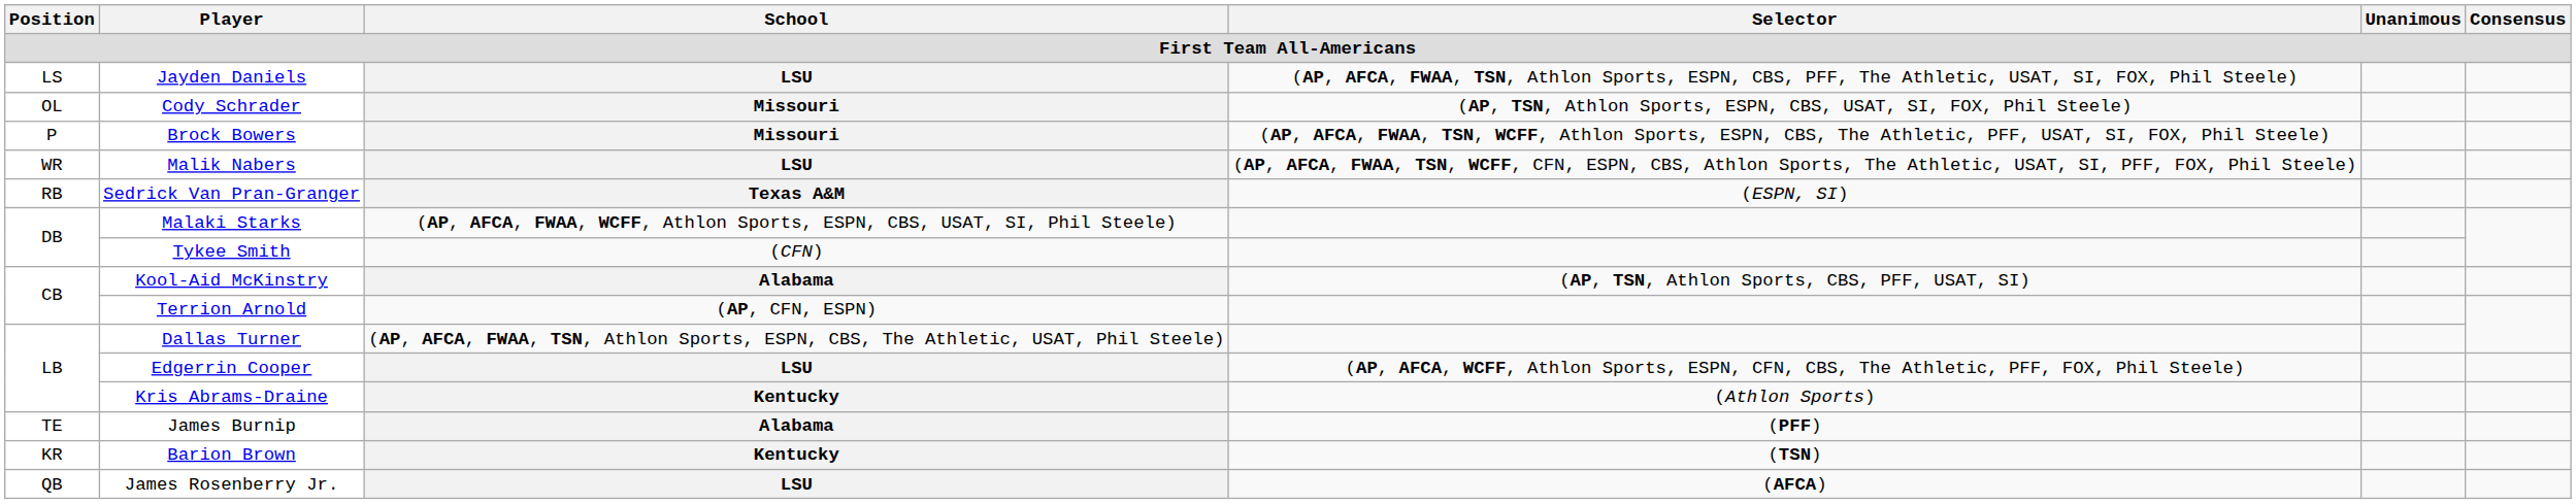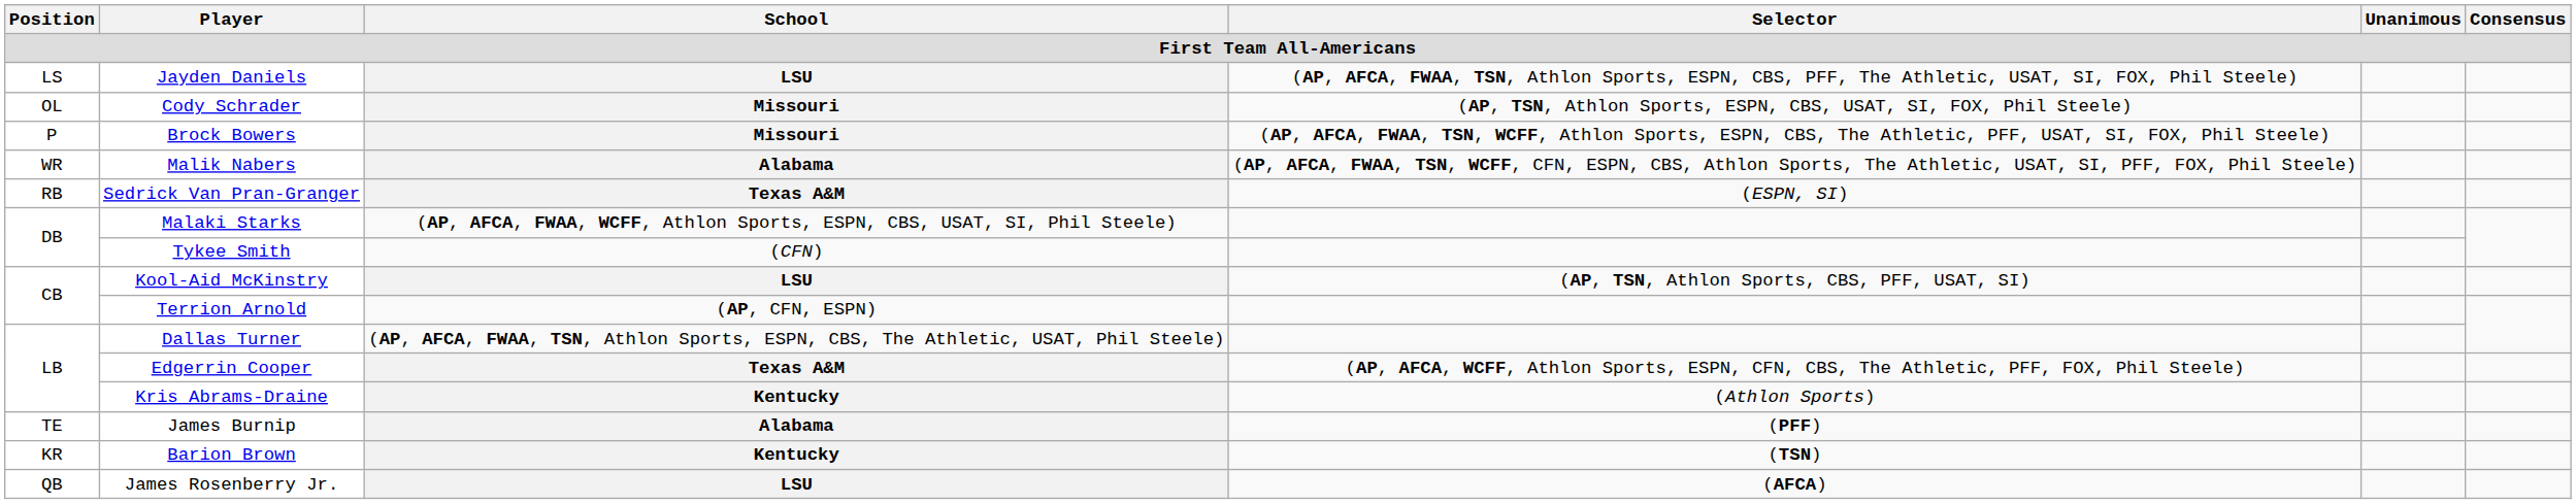 <table class="wikitable" border="0">
 <tr>
 <th>Position</th>
 <th>Player</th>
 <th>School</th>
 <th>Selector</th>
 <th>Unanimous</th>
 <th>Consensus</th>
 </tr>
 <tr>
 <td colspan="6" style="text-align:center; background:#ddd;"><strong>First Team All-Americans</strong></td>
 </tr>
 <tr style="text-align:center;">
 <td style="background:white">LS</td>
 <td style="background:white"><a href='#'>Jayden Daniels</a></td>
 <th>LSU</th>
 <td>(<strong>AP</strong>, <strong>AFCA</strong>, <strong>FWAA</strong>, <strong>TSN</strong>, Athlon Sports, ESPN, CBS, PFF, The Athletic, USAT, SI, FOX, Phil Steele)</td>
 <td></td>
 <td></td>
 </tr>
 <tr style="text-align:center;">
 <td style="background:white">OL</td>
 <td style="background:white"><a href='#'>Cody Schrader</a></td>
 <th>Missouri</th>
 <td>(<strong>AP</strong>, <strong>TSN</strong>, Athlon Sports, ESPN, CBS, USAT, SI, FOX, Phil Steele)</td>
 <td></td>
 <td></td>
 </tr>
 <tr style="text-align:center;">
 <td style="background:white">P</td>
 <td style="background:white"><a href='#'>Brock Bowers</a></td>
 <th>Missouri</th>
 <td>(<strong>AP</strong>, <strong>AFCA</strong>, <strong>FWAA</strong>, <strong>TSN</strong>, <strong>WCFF</strong>, Athlon Sports, ESPN, CBS, The Athletic, PFF, USAT, SI, FOX, Phil Steele)</td>
 <td></td>
 <td></td>
 </tr>
 <tr style="text-align:center;">
 <td style="background:white">WR</td>
 <td style="background:white"><a href='#'>Malik Nabers</a></td>
-<th>LSU</th>
+<th>Alabama</th>
 <td>(<strong>AP</strong>, <strong>AFCA</strong>, <strong>FWAA</strong>, <strong>TSN</strong>, <strong>WCFF</strong>, CFN, ESPN, CBS, Athlon Sports, The Athletic, USAT, SI, PFF, FOX, Phil Steele)</td>
 <td></td>
 <td></td>
 </tr>
 <tr style="text-align:center;">
 <td style="background:white">RB</td>
 <td style="background:white"><a href='#'>Sedrick Van Pran-Granger</a></td>
 <th>Texas A&M</th>
 <td>(<em>ESPN, SI</em>)</td>
 <td></td>
 <td></td>
 </tr>
 <tr style="text-align:center;">
 <td style="background:white" rowspan=2>DB</td>
 <td style="background:white"><a href='#'>Malaki Starks</a></td>
 <td>(<strong>AP</strong>, <strong>AFCA</strong>, <strong>FWAA</strong>, <strong>WCFF</strong>, Athlon Sports, ESPN, CBS, USAT, SI, Phil Steele)</td>
 <td></td>
 <td></td>
 </tr>
 <tr style="text-align:center;">
 <td style="background:white"><a href='#'>Tykee Smith</a></td>
 <td>(<em>CFN</em>)</td>
 <td></td>
 <td></td>
 </tr>
 <tr style="text-align:center;">
 <td style="background:white" rowspan=2>CB</td>
 <td style="background:white"><a href='#'>Kool-Aid McKinstry</a></td>
-<th>Alabama</th>
+<th>LSU</th>
 <td>(<strong>AP</strong>, <strong>TSN</strong>, Athlon Sports, CBS, PFF, USAT, SI)</td>
 <td></td>
 <td></td>
 </tr>
 <tr style="text-align:center;">
 <td style="background:white"><a href='#'>Terrion Arnold</a></td>
 <td>(<strong>AP</strong>, CFN, ESPN)</td>
 <td></td>
 <td></td>
 </tr>
 <tr style="text-align:center;">
 <td style="background:white" rowspan=3>LB</td>
 <td style="background:white"><a href='#'>Dallas Turner</a></td>
 <td>(<strong>AP</strong>, <strong>AFCA</strong>, <strong>FWAA</strong>, <strong>TSN</strong>, Athlon Sports, ESPN, CBS, The Athletic, USAT, Phil Steele)</td>
 <td></td>
 <td></td>
 </tr>
 <tr style="text-align:center;">
 <td style="background:white"><a href='#'>Edgerrin Cooper</a></td>
-<th>LSU</th>
+<th>Texas A&M</th>
 <td>(<strong>AP</strong>, <strong>AFCA</strong>, <strong>WCFF</strong>, Athlon Sports, ESPN, CFN, CBS, The Athletic, PFF, FOX, Phil Steele)</td>
 <td></td>
 <td></td>
 </tr>
 <tr style="text-align:center;">
 <td style="background:white"><a href='#'>Kris Abrams-Draine</a></td>
 <th>Kentucky</th>
 <td>(<em>Athlon Sports</em>)</td>
 <td></td>
 <td></td>
 </tr>
 <tr style="text-align:center;">
 <td style="background:white">TE</td>
 <td style="background:white">James Burnip</td>
 <th>Alabama</th>
 <td>(<strong>PFF</strong>)</td>
 <td></td>
 <td></td>
 </tr>
 <tr style="text-align:center;">
 <td style="background:white">KR</td>
 <td style="background:white"><a href='#'>Barion Brown</a></td>
 <th>Kentucky</th>
 <td>(<strong>TSN</strong>)</td>
 <td></td>
 <td></td>
 </tr>
 <tr style="text-align:center;">
 <td style="background:white">QB</td>
 <td style="background:white">James Rosenberry Jr.</td>
 <th>LSU</th>
 <td>(<strong>AFCA</strong>)</td>
 <td></td>
 <td></td>
 </tr>
 </table>
